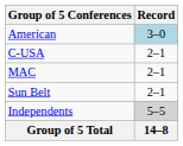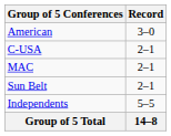 <table class="wikitable">
 <tr>
 <th>Group of 5 Conferences</th>
 <th>Record</th>
 </tr>
 <tr>
 <td><a href='#'>American</a></td>
-<td align=center style="background: lightblue;">3–0</td>
+<td align=center>3–0</td>
 </tr>
 <tr>
 <td><a href='#'>C-USA</a></td>
 <td align=center>2–1</td>
 </tr>
 <tr>
 <td><a href='#'>MAC</a></td>
 <td align=center>2–1</td>
 </tr>
 <tr>
 <td><a href='#'>Sun Belt</a></td>
 <td align=center>2–1</td>
 </tr>
 <tr>
 <td><a href='#'>Independents</a></td>
-<td align=center style="background: lightgrey;">5–5</td>
+<td align=center>5–5</td>
 </tr>
 <tr>
 <th>Group of 5 Total</th>
 <th>14–8</th>
 </tr>
 </table>
